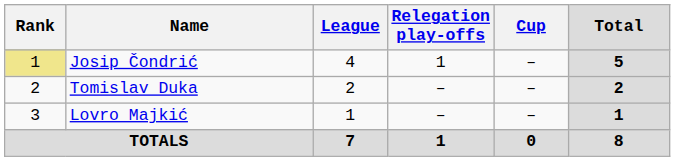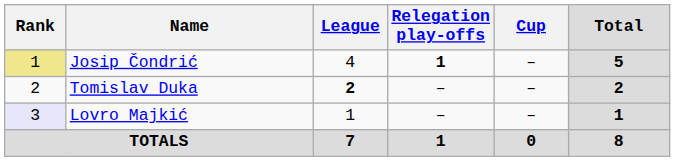 <table class="wikitable" style="font-size: 95%; text-align: center;">
 <tr>
 <th width=40>Rank</th>
 <th width=180>Name</th>
 <th width=50><a href='#'>League</a></th>
 <th width=50><a href='#'>Relegation play-offs</a></th>
 <th width=50><a href='#'>Cup</a></th>
 <th width=70 style="background: #DCDCDC">Total</th>
 </tr>
 <tr>
 <td rowspan=1 style="background: khaki;">1</td>
 <td style="text-align:left;"> <a href='#'>Josip Čondrić</a></td>
 <td>4</td>
-<td>1</td>
+<td><strong>1</strong></td>
 <td>–</td>
 <th style="background: #DCDCDC">5</th>
 </tr>
 <tr>
 <td rowspan=1>2</td>
 <td style="text-align:left;"> <a href='#'>Tomislav Duka</a></td>
-<td>2</td>
+<td><strong>2</strong></td>
 <td>–</td>
 <td>–</td>
 <th style="background: #DCDCDC">2</th>
 </tr>
 <tr>
-<td rowspan=1>3</td>
+<td rowspan=1 style="background: lavender;">3</td>
 <td style="text-align:left;"> <a href='#'>Lovro Majkić</a></td>
 <td>1</td>
 <td>–</td>
 <td>–</td>
 <th style="background: #DCDCDC">1</th>
 </tr>
 <tr>
 <th colspan="2" align="center" style="background: #DCDCDC">TOTALS</th>
 <th style="background: #DCDCDC">7</th>
 <th style="background: #DCDCDC">1</th>
 <th style="background: #DCDCDC">0</th>
 <th style="background: #DCDCDC">8</th>
 </tr>
 </table>
